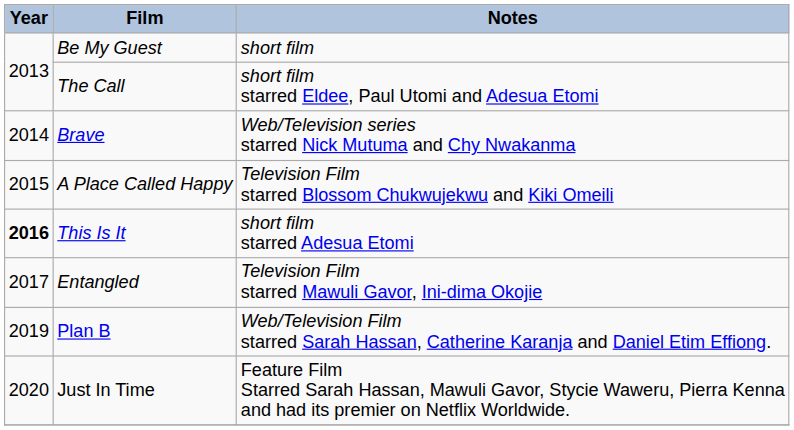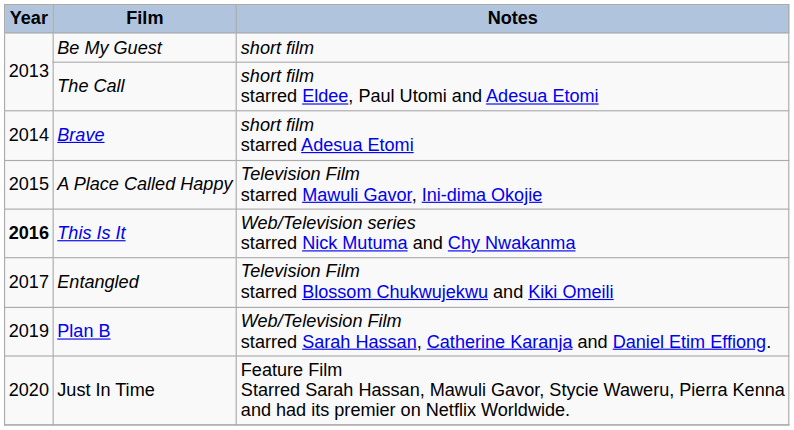 <table class="wikitable">
 <tr align="center">
 <th style="background:#B0C4DE;">Year</th>
 <th style="background:#B0C4DE;">Film</th>
 <th style="background:#B0C4DE;">Notes</th>
 </tr>
 <tr>
 <td rowspan="2">2013</td>
 <td><em>Be My Guest</em>  </td>
 <td><em>short film</em></td>
 </tr>
 <tr>
 <td><em>The Call</em> </td>
 <td><em>short film</em><br>starred <a href='#'>Eldee</a>, Paul Utomi and <a href='#'>Adesua Etomi</a></td>
 </tr>
 <tr>
 <td>2014</td>
 <td><em><a href='#'>Brave</a></em></td>
-<td><em>Web/Television series</em><br>starred <a href='#'>Nick Mutuma</a> and <a href='#'>Chy Nwakanma</a></td>
+<td><em>short film</em><br>starred <a href='#'>Adesua Etomi</a></td>
 </tr>
 <tr>
 <td>2015</td>
 <td><em>A Place Called Happy</em></td>
-<td><em>Television Film</em><br>starred <a href='#'>Blossom Chukwujekwu</a> and <a href='#'>Kiki Omeili</a></td>
+<td><em>Television Film</em><br>starred <a href='#'>Mawuli Gavor</a>, <a href='#'>Ini-dima Okojie</a></td>
 </tr>
 <tr>
 <td><strong>2016</strong></td>
 <td><em><a href='#'>This Is It</a></em></td>
-<td><em>short film</em><br>starred <a href='#'>Adesua Etomi</a></td>
+<td><em>Web/Television series</em><br>starred <a href='#'>Nick Mutuma</a> and <a href='#'>Chy Nwakanma</a></td>
 </tr>
 <tr>
 <td>2017</td>
 <td><em>Entangled</em> </td>
-<td><em>Television Film</em><br>starred <a href='#'>Mawuli Gavor</a>, <a href='#'>Ini-dima Okojie</a></td>
+<td><em>Television Film</em><br>starred <a href='#'>Blossom Chukwujekwu</a> and <a href='#'>Kiki Omeili</a></td>
 </tr>
 <tr>
 <td>2019</td>
 <td><a href='#'>Plan B</a></td>
 <td><em>Web/Television Film</em><br>starred <a href='#'>Sarah Hassan</a>, <a href='#'>Catherine Karanja</a> and <a href='#'>Daniel Etim Effiong</a>.</td>
 </tr>
 <tr>
 <td>2020</td>
 <td>Just In Time</td>
 <td>Feature Film<br>Starred Sarah Hassan, Mawuli Gavor, Stycie Waweru, Pierra Kenna<br>and had its premier on Netflix Worldwide.</td>
 </tr>
 <tr>
 </tr>
 </table>
